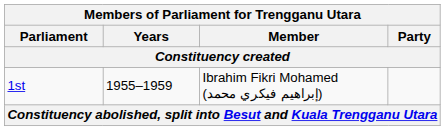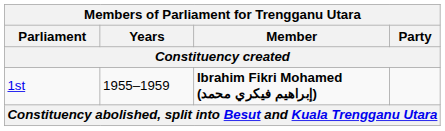 <table class="wikitable">
 <tr>
 <th colspan="4">Members of Parliament for Trengganu Utara</th>
 </tr>
 <tr>
 <th>Parliament</th>
 <th>Years</th>
 <th>Member</th>
 <th>Party</th>
 </tr>
 <tr>
 <th colspan="4"><em>Constituency created</em></th>
 </tr>
 <tr>
 <td><a href='#'>1st</a></td>
 <td>1955–1959</td>
-<td>Ibrahim Fikri Mohamed  <br> (إبراهيم فيكري محمد)</td>
+<td><strong>Ibrahim Fikri Mohamed  <br> (إبراهيم فيكري محمد)</strong></td>
 <td></td>
 </tr>
 <tr>
 <th colspan="4"><em>Constituency abolished, split into <a href='#'>Besut</a> and <a href='#'>Kuala Trengganu Utara</a></em></th>
 </tr>
 </table>
